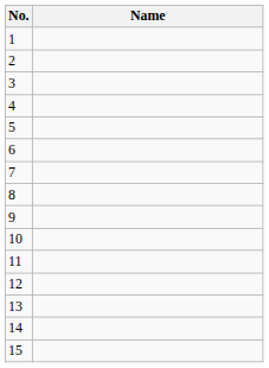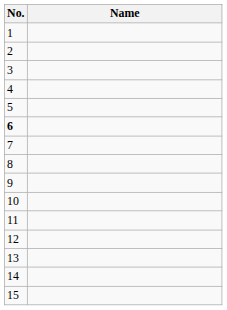 <table class=wikitable sortable style=font-size:100%; text-align:center;>
 <tr>
 <th>No.</th>
 <th style=width:16em>Name</th>
 </tr>
 <tr>
 <td>1</td>
 <td align=left></td>
 </tr>
 <tr>
 <td>2</td>
 <td align=left></td>
 </tr>
 <tr>
 <td>3</td>
 <td align=left></td>
 </tr>
 <tr>
 <td>4</td>
 <td align=left></td>
 </tr>
 <tr>
 <td>5</td>
 <td align=left></td>
 </tr>
 <tr>
-<td>6</td>
+<td><strong>6</strong></td>
 <td align=left></td>
 </tr>
 <tr>
 <td>7</td>
 <td align=left></td>
 </tr>
 <tr>
 <td>8</td>
 <td align=left></td>
 </tr>
 <tr>
 <td>9</td>
 <td align=left></td>
 </tr>
 <tr>
 <td>10</td>
 <td align=left></td>
 </tr>
 <tr>
 <td>11</td>
 <td align=left></td>
 </tr>
 <tr>
 <td>12</td>
 <td align=left></td>
 </tr>
 <tr>
 <td>13</td>
 <td align=left></td>
 </tr>
 <tr>
 <td>14</td>
 <td align=left></td>
 </tr>
 <tr>
 <td>15</td>
 <td align=left></td>
 </tr>
 </table>
